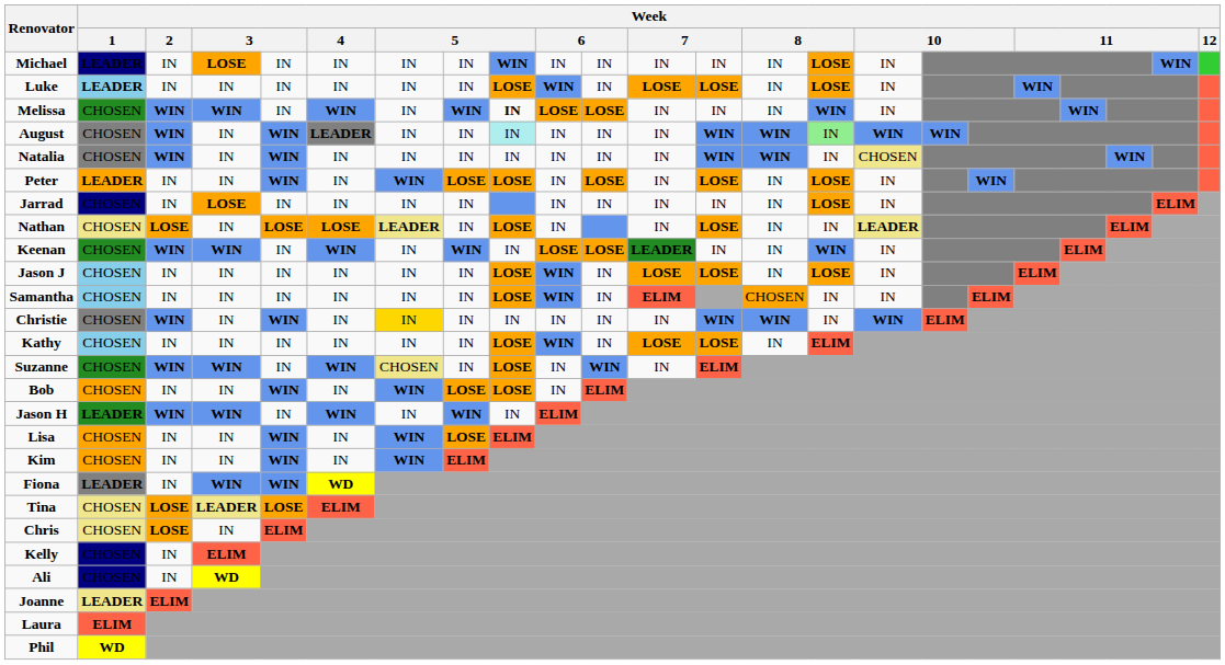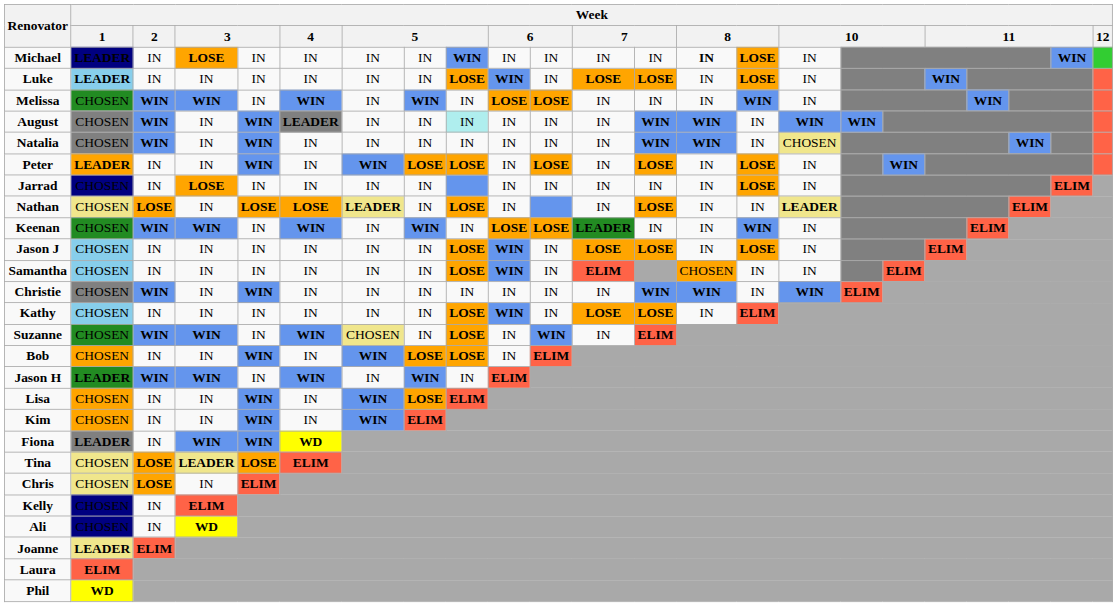 <table class="wikitable" style="text-align:center">
 <tr>
 <th rowspan=2>Renovator</th>
 <th colspan=30>Week</th>
 </tr>
 <tr>
 <th>1</th>
 <th>2</th>
 <th colspan=2>3</th>
 <th>4</th>
 <th colspan=3>5</th>
 <th colspan=2>6</th>
 <th colspan=2>7</th>
 <th colspan=2>8</th>
 <th colspan=3>10</th>
 <th colspan=4>11</th>
 <th>12</th>
 </tr>
 <tr>
 <td><strong>Michael</strong></td>
 <td style="background:navy;"><span> <strong>LEADER</strong></span></td>
 <td>IN</td>
 <td style="background:orange;"><strong>LOSE</strong></td>
 <td>IN</td>
 <td>IN</td>
 <td>IN</td>
 <td>IN</td>
 <td style="background:cornflowerblue;"><strong>WIN</strong></td>
 <td>IN</td>
 <td>IN</td>
 <td>IN</td>
 <td>IN</td>
-<td>IN</td>
+<td><strong>IN</strong></td>
 <td style="background:orange;"><strong>LOSE</strong></td>
 <td>IN</td>
 <td COLSPAN=5 style="background:gray;"></td>
 <td style="background:cornflowerblue;"><strong>WIN</strong></td>
 <td style="background:limegreen;"><strong></strong></td>
 </tr>
 <tr>
 <td><strong>Luke</strong></td>
 <td style="background:skyblue;"><strong>LEADER</strong></td>
 <td>IN</td>
 <td>IN</td>
 <td>IN</td>
 <td>IN</td>
 <td>IN</td>
 <td>IN</td>
 <td style="background:orange;"><strong>LOSE</strong></td>
 <td style="background:cornflowerblue;"><strong>WIN</strong></td>
 <td>IN</td>
 <td style="background:orange;"><strong>LOSE</strong></td>
 <td style="background:orange;"><strong>LOSE</strong></td>
 <td>IN</td>
 <td style="background:orange;"><strong>LOSE</strong></td>
 <td>IN</td>
 <td COLSPAN=2 style="background:gray;"></td>
 <td style="background:cornflowerblue;"><strong>WIN</strong></td>
 <td COLSPAN=3 style="background:gray;"></td>
 <td style="background:tomato;"><strong></strong></td>
 </tr>
 <tr>
 <td><strong>Melissa</strong></td>
 <td style="background:forestgreen;">CHOSEN</td>
 <td style="background:cornflowerblue;"><strong>WIN</strong></td>
 <td style="background:cornflowerblue;"><strong>WIN</strong></td>
 <td>IN</td>
 <td style="background:cornflowerblue;"><strong>WIN</strong></td>
 <td>IN</td>
 <td style="background:cornflowerblue;"><strong>WIN</strong></td>
-<td><strong>IN</strong></td>
+<td>IN</td>
 <td style="background:orange;"><strong>LOSE</strong></td>
 <td style="background:orange;"><strong>LOSE</strong></td>
 <td>IN</td>
 <td>IN</td>
 <td>IN</td>
 <td style="background:cornflowerblue;"><strong>WIN</strong></td>
 <td>IN</td>
 <td COLSPAN=3 style="background:gray;"></td>
 <td style="background:cornflowerblue;"><strong>WIN</strong></td>
 <td COLSPAN=2 style="background:gray;"></td>
 <td style="background:tomato;"><strong></strong></td>
 </tr>
 <tr>
 <td><strong>August</strong></td>
 <td style="background:grey;">CHOSEN</td>
 <td style="background:cornflowerblue;"><strong>WIN</strong></td>
 <td>IN</td>
 <td style="background:cornflowerblue;"><strong>WIN</strong></td>
 <td style="background:grey;"><strong>LEADER</strong></td>
 <td>IN</td>
 <td>IN</td>
 <td style="background: paleturquoise;">IN</td>
 <td>IN</td>
 <td>IN</td>
 <td>IN</td>
 <td style="background:cornflowerblue;"><strong>WIN</strong></td>
 <td style="background:cornflowerblue;"><strong>WIN</strong></td>
-<td style="background: lightgreen;">IN</td>
+<td>IN</td>
 <td style="background:cornflowerblue;"><strong>WIN</strong></td>
 <td style="background:cornflowerblue;"><strong>WIN</strong></td>
 <td COLSPAN=5 style="background:gray;"></td>
 <td style="background:tomato;"><strong></strong></td>
 </tr>
 <tr>
 <td><strong>Natalia</strong></td>
 <td style="background:grey;">CHOSEN</td>
 <td style="background:cornflowerblue;"><strong>WIN</strong></td>
 <td>IN</td>
 <td style="background:cornflowerblue;"><strong>WIN</strong></td>
 <td>IN</td>
 <td>IN</td>
 <td>IN</td>
 <td>IN</td>
 <td>IN</td>
 <td>IN</td>
 <td>IN</td>
 <td style="background:cornflowerblue;"><strong>WIN</strong></td>
 <td style="background:cornflowerblue;"><strong>WIN</strong></td>
 <td>IN</td>
 <td style="background:khaki;">CHOSEN</td>
 <td COLSPAN=4 style="background:gray;"></td>
 <td style="background:cornflowerblue;"><strong>WIN</strong></td>
 <td COLSPAN=1 style="background:gray;"></td>
 <td style="background:tomato;"><strong></strong></td>
 </tr>
 <tr>
 <td><strong>Peter</strong></td>
 <td style="background:orange;"><strong>LEADER</strong></td>
 <td>IN</td>
 <td>IN</td>
 <td style="background:cornflowerblue;"><strong>WIN</strong></td>
 <td>IN</td>
 <td style="background:cornflowerblue;"><strong>WIN</strong></td>
 <td style="background:orange;"><strong>LOSE</strong></td>
 <td style="background:orange;"><strong>LOSE</strong></td>
 <td>IN</td>
 <td style="background:orange;"><strong>LOSE</strong></td>
 <td>IN</td>
 <td style="background:orange;"><strong>LOSE</strong></td>
 <td>IN</td>
 <td style="background:orange;"><strong>LOSE</strong></td>
 <td>IN</td>
 <td COLSPAN=1 style="background:gray;"></td>
 <td style="background:cornflowerblue;"><strong>WIN</strong></td>
 <td COLSPAN=4 style="background:gray;"></td>
 <td style="background:tomato;"><strong></strong></td>
 </tr>
 <tr>
 <td><strong>Jarrad</strong></td>
 <td bgcolor="navy"><span> CHOSEN</span></td>
 <td>IN</td>
 <td style="background:orange;"><strong>LOSE</strong></td>
 <td>IN</td>
 <td>IN</td>
 <td>IN</td>
 <td>IN</td>
 <td style="background:cornflowerblue;"></td>
 <td>IN</td>
 <td>IN</td>
 <td>IN</td>
 <td>IN</td>
 <td>IN</td>
 <td style="background:orange;"><strong>LOSE</strong></td>
 <td>IN</td>
 <td COLSPAN=5 style="background:gray;"></td>
 <td style="background:tomato;"><strong>ELIM</strong></td>
 <td COLSPAN=40 style="background:darkgrey;"></td>
 </tr>
 <tr>
 <td><strong>Nathan</strong></td>
 <td style="background:khaki;">CHOSEN</td>
 <td style="background:orange;"><strong>LOSE</strong></td>
 <td>IN</td>
 <td style="background:orange;"><strong>LOSE</strong></td>
 <td style="background:orange;"><strong>LOSE</strong></td>
 <td style="background:khaki;"><strong>LEADER</strong></td>
 <td>IN</td>
 <td style="background:orange;"><strong>LOSE</strong></td>
 <td>IN</td>
 <td style="background:cornflowerblue;"></td>
 <td>IN</td>
 <td style="background:orange;"><strong>LOSE</strong></td>
 <td>IN</td>
 <td>IN</td>
 <td style="background:khaki;"><strong>LEADER</strong></td>
 <td COLSPAN=4 style="background:gray;"></td>
 <td style="background:tomato;"><strong>ELIM</strong></td>
 <td COLSPAN=40 style="background:darkgrey;"></td>
 </tr>
 <tr>
 <td><strong>Keenan</strong></td>
 <td style="background:forestgreen;">CHOSEN</td>
 <td style="background:cornflowerblue;"><strong>WIN</strong></td>
 <td style="background:cornflowerblue;"><strong>WIN</strong></td>
 <td>IN</td>
 <td style="background:cornflowerblue;"><strong>WIN </strong></td>
 <td>IN</td>
 <td style="background:cornflowerblue;"><strong>WIN</strong></td>
 <td>IN</td>
 <td style="background:orange;"><strong>LOSE</strong></td>
 <td style="background:orange;"><strong>LOSE</strong></td>
 <td style="background:forestgreen;"><strong>LEADER</strong></td>
 <td>IN</td>
 <td>IN</td>
 <td style="background:cornflowerblue;"><strong>WIN</strong></td>
 <td>IN</td>
 <td COLSPAN=3 style="background:gray;"></td>
 <td style="background:tomato;"><strong>ELIM</strong></td>
 <td COLSPAN=40 style="background:darkgrey;"></td>
 </tr>
 <tr>
 <td><strong>Jason J</strong></td>
 <td style="background:skyblue;">CHOSEN</td>
 <td>IN</td>
 <td>IN</td>
 <td>IN</td>
 <td>IN</td>
 <td>IN</td>
 <td>IN</td>
 <td style="background:orange;"><strong>LOSE</strong></td>
 <td style="background:cornflowerblue;"><strong>WIN</strong></td>
 <td>IN</td>
 <td style="background:orange;"><strong>LOSE</strong></td>
 <td style="background:orange;"><strong>LOSE</strong></td>
 <td>IN</td>
 <td style="background:orange;"><strong>LOSE</strong></td>
 <td>IN</td>
 <td COLSPAN=2 style="background:gray;"></td>
 <td style="background:tomato;"><strong>ELIM</strong></td>
 <td COLSPAN=40 style="background:darkgrey;"></td>
 </tr>
 <tr>
 <td><strong>Samantha</strong></td>
 <td style="background:skyblue;">CHOSEN</td>
 <td>IN</td>
 <td>IN</td>
 <td>IN</td>
 <td>IN</td>
 <td>IN</td>
 <td>IN</td>
 <td style="background:orange;"><strong>LOSE</strong></td>
 <td style="background:cornflowerblue;"><strong>WIN</strong></td>
 <td>IN</td>
 <td style="background:tomato;"><strong>ELIM</strong></td>
 <td COLSPAN=1 style="background:darkgrey;"></td>
 <td style="background:orange;">CHOSEN</td>
 <td>IN</td>
 <td>IN</td>
 <td COLSPAN=1 style="background:gray;"></td>
 <td style="background:tomato;"><strong>ELIM</strong></td>
 <td COLSPAN=40 style="background:darkgrey;"></td>
 </tr>
 <tr>
 <td><strong>Christie</strong></td>
 <td style="background:grey;">CHOSEN</td>
 <td style="background:cornflowerblue;"><strong>WIN</strong></td>
 <td>IN</td>
 <td style="background:cornflowerblue;"><strong>WIN</strong></td>
 <td>IN</td>
-<td style="background: gold;">IN</td>
+<td>IN</td>
 <td>IN</td>
 <td>IN</td>
 <td>IN</td>
 <td>IN</td>
 <td>IN</td>
 <td style="background:cornflowerblue;"><strong>WIN</strong></td>
 <td style="background:cornflowerblue;"><strong>WIN</strong></td>
 <td>IN</td>
 <td style="background:cornflowerblue;"><strong>WIN</strong></td>
 <td style="background:tomato;"><strong>ELIM</strong></td>
 <td COLSPAN=40 style="background:darkgrey;"></td>
 </tr>
 <tr>
 <td><strong>Kathy</strong></td>
 <td style="background:skyblue;">CHOSEN</td>
 <td>IN</td>
 <td>IN</td>
 <td>IN</td>
 <td>IN</td>
 <td>IN</td>
 <td>IN</td>
 <td style="background:orange;"><strong>LOSE</strong></td>
 <td style="background:cornflowerblue;"><strong>WIN</strong></td>
 <td>IN</td>
 <td style="background:orange;"><strong>LOSE</strong></td>
 <td style="background:orange;"><strong>LOSE</strong></td>
 <td>IN</td>
 <td style="background:tomato;"><strong>ELIM</strong></td>
 <td COLSPAN=40 style="background:darkgrey;"></td>
 </tr>
 <tr>
 <td><strong>Suzanne</strong></td>
 <td style="background:forestgreen;">CHOSEN</td>
 <td style="background:cornflowerblue;"><strong>WIN</strong></td>
 <td style="background:cornflowerblue;"><strong>WIN</strong></td>
 <td>IN</td>
 <td style="background:cornflowerblue;"><strong>WIN</strong></td>
 <td style="background:khaki;">CHOSEN</td>
 <td>IN</td>
 <td style="background:orange;"><strong>LOSE</strong></td>
 <td>IN</td>
 <td style="background:cornflowerblue;"><strong>WIN</strong></td>
 <td>IN</td>
 <td style="background:tomato;"><strong>ELIM</strong></td>
 <td COLSPAN=40 style="background:darkgrey;"></td>
 </tr>
 <tr>
 <td><strong>Bob</strong></td>
 <td style="background:orange;">CHOSEN</td>
 <td>IN</td>
 <td>IN</td>
 <td style="background:cornflowerblue;"><strong>WIN</strong></td>
 <td>IN</td>
 <td style="background:cornflowerblue;"><strong>WIN</strong></td>
 <td style="background:orange;"><strong>LOSE</strong></td>
 <td style="background:orange;"><strong>LOSE</strong></td>
 <td>IN</td>
 <td style="background:tomato;"><strong>ELIM</strong></td>
 <td COLSPAN=40 style="background:darkgrey;"></td>
 </tr>
 <tr>
 <td><strong>Jason H</strong></td>
 <td style="background:forestgreen;"><strong>LEADER</strong></td>
 <td style="background:cornflowerblue;"><strong>WIN</strong></td>
 <td style="background:cornflowerblue;"><strong>WIN</strong></td>
 <td>IN</td>
 <td style="background:cornflowerblue;"><strong>WIN</strong></td>
 <td>IN</td>
 <td style="background:cornflowerblue;"><strong>WIN</strong></td>
 <td>IN</td>
 <td style="background:tomato;"><strong>ELIM</strong></td>
 <td COLSPAN=40 style="background:darkgrey;"></td>
 </tr>
 <tr>
 <td><strong>Lisa</strong></td>
 <td style="background:orange;">CHOSEN</td>
 <td>IN</td>
 <td>IN</td>
 <td style="background:cornflowerblue;"><strong>WIN</strong></td>
 <td>IN</td>
 <td style="background:cornflowerblue;"><strong>WIN</strong></td>
 <td style="background:orange;"><strong>LOSE</strong></td>
 <td style="background:tomato;"><strong>ELIM</strong></td>
 <td COLSPAN=40 style="background:darkgrey;"></td>
 </tr>
 <tr>
 <td><strong>Kim</strong></td>
 <td style="background:orange;">CHOSEN</td>
 <td>IN</td>
 <td>IN</td>
 <td style="background:cornflowerblue;"><strong>WIN</strong></td>
 <td>IN</td>
 <td style="background:cornflowerblue;"><strong>WIN</strong></td>
 <td style="background:tomato;"><strong>ELIM</strong></td>
 <td COLSPAN=40 style="background:darkgrey;"></td>
 </tr>
 <tr>
 <td><strong>Fiona</strong></td>
 <td style="background:grey;"><strong>LEADER</strong></td>
 <td>IN</td>
 <td style="background:cornflowerblue;"><strong>WIN</strong></td>
 <td style="background:cornflowerblue;"><strong>WIN</strong></td>
 <td style="background:yellow;"><strong>WD</strong></td>
 <td COLSPAN=40 style="background:darkgrey;"></td>
 </tr>
 <tr>
 <td><strong>Tina</strong></td>
 <td style="background:khaki;">CHOSEN</td>
 <td style="background:orange;"><strong>LOSE</strong></td>
 <td style="background:khaki;"><strong>LEADER</strong></td>
 <td style="background:orange;"><strong>LOSE</strong></td>
 <td style="background:tomato;"><strong>ELIM</strong></td>
 <td COLSPAN=40 style="background:darkgrey;"></td>
 </tr>
 <tr>
 <td><strong>Chris</strong></td>
 <td style="background:khaki;">CHOSEN</td>
 <td style="background:orange;"><strong>LOSE</strong></td>
 <td>IN</td>
 <td style="background:tomato;"><strong>ELIM</strong></td>
 <td COLSPAN=40 style="background:darkgrey;"></td>
 </tr>
 <tr>
 <td><strong>Kelly</strong></td>
 <td bgcolor="navy"><span> CHOSEN</span></td>
 <td>IN</td>
 <td style="background:tomato;"><strong>ELIM</strong></td>
 <td COLSPAN=40 style="background:darkgrey;"></td>
 </tr>
 <tr>
 <td><strong>Ali</strong></td>
 <td bgcolor="navy"><span> CHOSEN</span></td>
 <td>IN</td>
 <td style="background:yellow;"><strong>WD</strong></td>
 <td COLSPAN=40 style="background:darkgrey;"></td>
 </tr>
 <tr>
 <td><strong>Joanne</strong></td>
 <td style="background:khaki;"><strong>LEADER</strong></td>
 <td style="background:tomato;"><strong>ELIM</strong></td>
 <td COLSPAN=40 style="background:darkgrey;"></td>
 </tr>
 <tr>
 <td><strong>Laura</strong></td>
 <td style="background:tomato;"><strong>ELIM</strong></td>
 <td COLSPAN=40 style="background:darkgrey;"></td>
 </tr>
 <tr>
 <td><strong>Phil</strong></td>
 <td style="background:yellow;"><strong>WD</strong></td>
 <td COLSPAN=40 style="background:darkgrey;"></td>
 </tr>
 </table>
